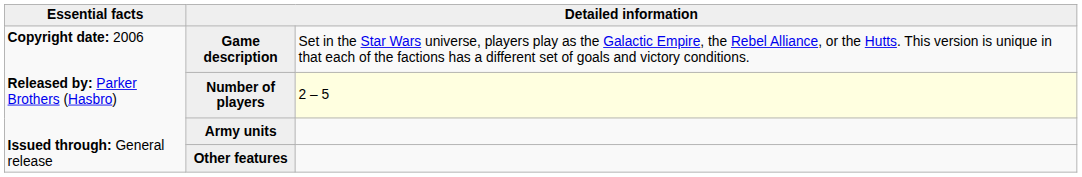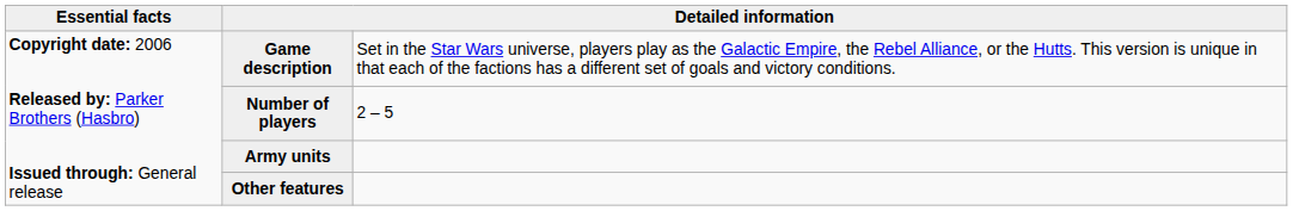 <table class="wikitable">
 <tr>
 <th style="background:#efefef;">Essential facts</th>
 <th style="background:#efefef;" colspan=2>Detailed information</th>
 </tr>
 <tr>
 <td rowspan=4><strong>Copyright date:</strong> 2006<br><br><br> <strong>Released by:</strong> <a href='#'>Parker Brothers</a> (<a href='#'>Hasbro</a>) <br><br><br> <strong>Issued through:</strong> General release</td>
 <th style="background:#efefef;">Game description</th>
 <td>Set in the <a href='#'>Star Wars</a> universe, players play as the <a href='#'>Galactic Empire</a>, the <a href='#'>Rebel Alliance</a>, or the <a href='#'>Hutts</a>. This version is unique in that each of the factions has a different set of goals and victory conditions.</td>
 </tr>
 <tr>
 <th style="background:#efefef;">Number of players</th>
-<td style="background: lightyellow;">2 – 5</td>
+<td>2 – 5</td>
 </tr>
 <tr>
 <th style="background:#efefef;">Army units</th>
 <td></td>
 </tr>
 <tr>
 <th style="background:#efefef;">Other features</th>
 <td></td>
 </tr>
 </table>
